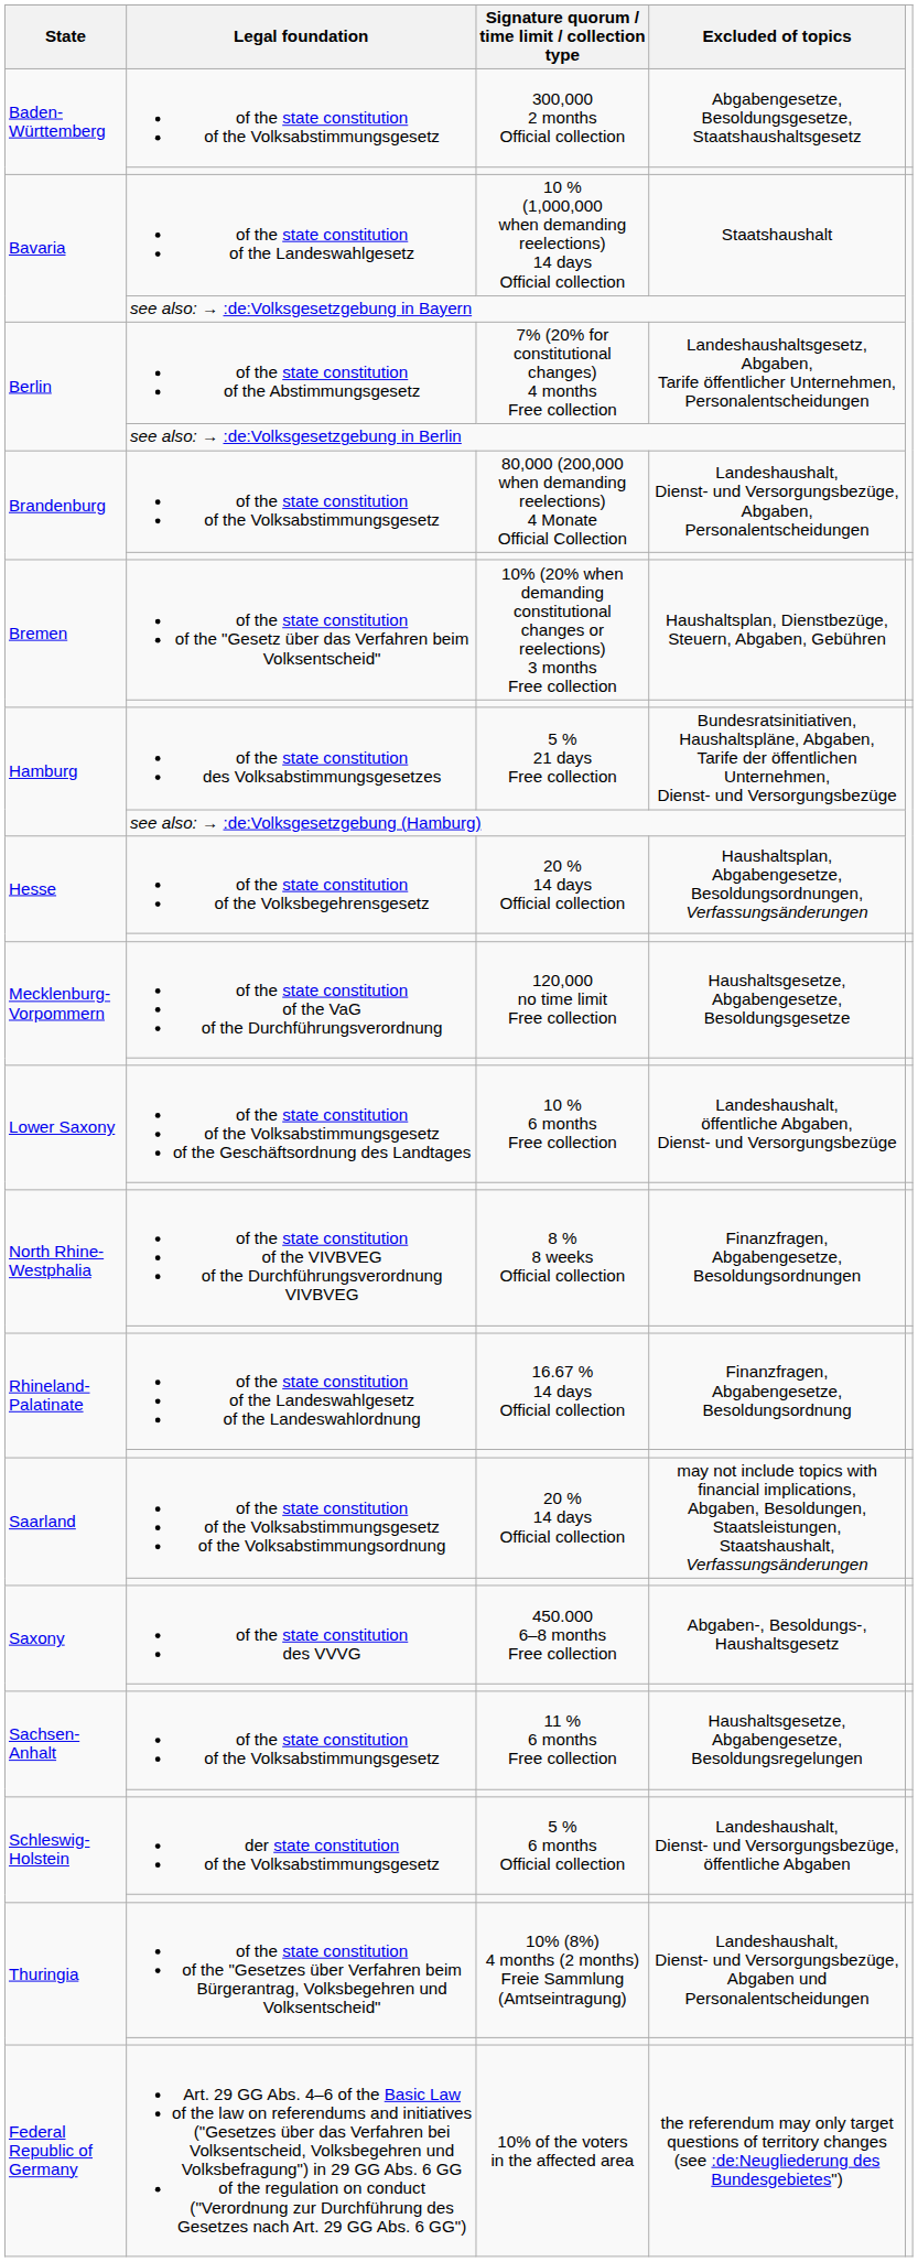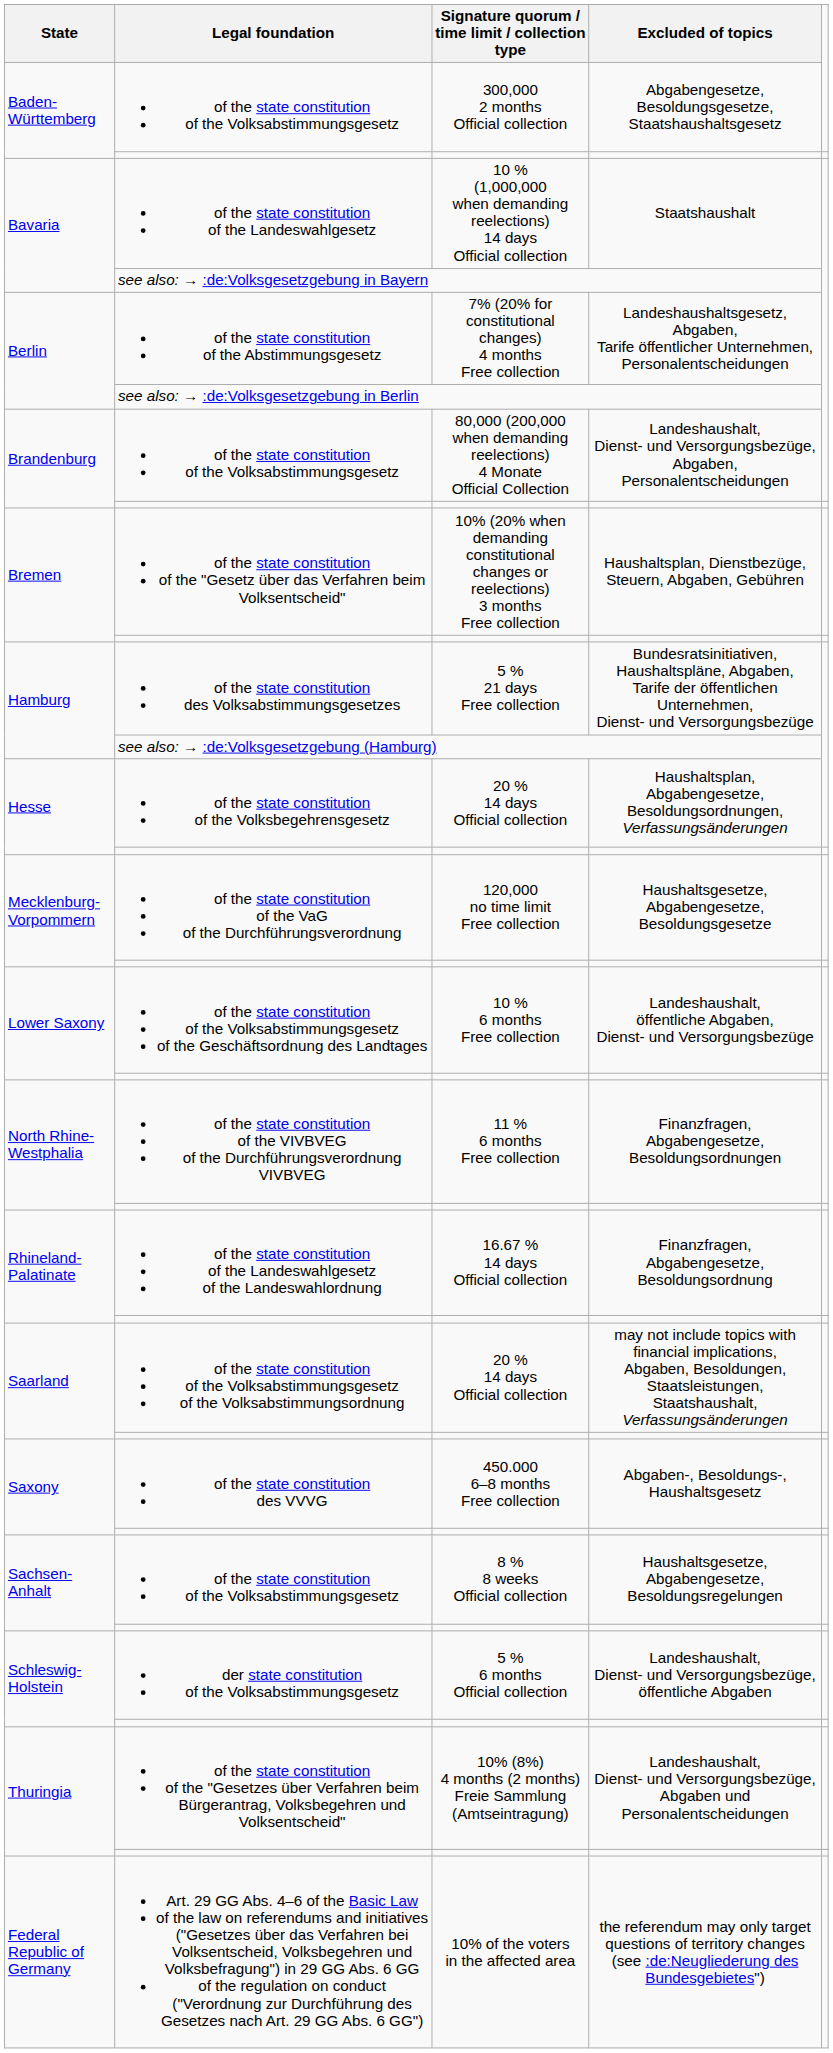 <table class="wikitable centered">
 <tr>
 </tr>
 <tr>
 <th>State</th>
 <th>Legal foundation</th>
 <th>Signature quorum /<br>time limit / collection type</th>
 <th>Excluded of topics</th>
 </tr>
 <tr>
 <td rowspan="2"><a href='#'>Baden-Württemberg</a></td>
 <td style="text-align:center"><br><ul><li> of the <a href='#'>state constitution</a></li><li> of the Volksabstimmungsgesetz</li></ul></td>
 <td style="text-align:center">300,000<br>2 months<br>Official collection</td>
 <td style="text-align:center">Abgabengesetze,<br>Besoldungsgesetze,<br>Staatshaushaltsgesetz</td>
 </tr>
 <tr>
 <td></td>
 <td></td>
 <td></td>
 <td></td>
 </tr>
 <tr>
 <td rowspan="2"><a href='#'>Bavaria</a></td>
 <td style="text-align:center"><br><ul><li> of the <a href='#'>state constitution</a></li><li> of the Landeswahlgesetz</li></ul></td>
 <td style="text-align:center">10 %<br>(1,000,000<br> when demanding reelections)<br>14 days<br>Official collection</td>
 <td style="text-align:center">Staatshaushalt</td>
 </tr>
 <tr>
 <td colspan="3"><em>see also:</em> → <a href='#'>:de:Volksgesetzgebung in Bayern</a></td>
 </tr>
 <tr>
 <td rowspan="2"><a href='#'>Berlin</a></td>
 <td style="text-align:center"><br><ul><li> of the <a href='#'>state constitution</a></li><li> of the Abstimmungsgesetz</li></ul></td>
 <td style="text-align:center">7% (20% for constitutional changes)<br>4 months<br>Free collection</td>
 <td style="text-align:center">Landeshaushaltsgesetz, Abgaben,<br>Tarife öffentlicher Unternehmen,<br>Personalentscheidungen</td>
 </tr>
 <tr>
 <td colspan="3"><em>see also:</em> → <a href='#'>:de:Volksgesetzgebung in Berlin</a></td>
 </tr>
 <tr>
 <td rowspan="2"><a href='#'>Brandenburg</a></td>
 <td style="text-align:center"><br><ul><li> of the <a href='#'>state constitution</a></li><li> of the Volksabstimmungsgesetz</li></ul></td>
 <td style="text-align:center">80,000 (200,000<br> when demanding reelections)<br>4 Monate<br>Official Collection</td>
 <td style="text-align:center">Landeshaushalt,<br>Dienst- und Versorgungsbezüge,<br>Abgaben, Personalentscheidungen</td>
 </tr>
 <tr>
 <td></td>
 <td></td>
 <td></td>
 <td></td>
 </tr>
 <tr>
 <td rowspan="2"><a href='#'>Bremen</a></td>
 <td style="text-align:center"><br><ul><li> of the <a href='#'>state constitution</a></li><li> of the "Gesetz über das Verfahren beim Volksentscheid"</li></ul></td>
 <td style="text-align:center">10% (20% when demanding constitutional changes or reelections)<br>3 months<br>Free collection</td>
 <td style="text-align:center">Haushaltsplan, Dienstbezüge,<br>Steuern, Abgaben, Gebühren</td>
 </tr>
 <tr>
 <td></td>
 <td></td>
 <td></td>
 <td></td>
 </tr>
 <tr>
 <td rowspan="2"><a href='#'>Hamburg</a></td>
 <td style="text-align:center"><br><ul><li> of the <a href='#'>state constitution</a></li><li> des Volksabstimmungsgesetzes</li></ul></td>
 <td style="text-align:center">5 %<br>21 days<br>Free collection</td>
 <td style="text-align:center">Bundesratsinitiativen,<br>Haushaltspläne, Abgaben,<br>Tarife der öffentlichen Unternehmen,<br>Dienst- und Versorgungsbezüge</td>
 </tr>
 <tr>
 <td colspan="3"><em>see also:</em> →  <a href='#'>:de:Volksgesetzgebung (Hamburg)</a></td>
 </tr>
 <tr>
 <td rowspan="2"><a href='#'>Hesse</a></td>
 <td style="text-align:center"><br><ul><li> of the <a href='#'>state constitution</a></li><li> of the Volksbegehrensgesetz</li></ul></td>
 <td style="text-align:center">20 %<br>14 days<br>Official collection</td>
 <td style="text-align:center">Haushaltsplan,<br>Abgabengesetze,<br>Besoldungsordnungen,<br><em>Verfassungsänderungen</em></td>
 </tr>
 <tr>
 <td></td>
 <td></td>
 <td></td>
 <td></td>
 </tr>
 <tr>
 <td rowspan="2"><a href='#'>Mecklenburg-Vorpommern</a></td>
 <td style="text-align:center"><br><ul><li> of the <a href='#'>state constitution</a></li><li> of the VaG</li><li> of the Durchführungsverordnung</li></ul></td>
 <td style="text-align:center">120,000<br>no time limit<br>Free collection</td>
 <td style="text-align:center">Haushaltsgesetze,<br>Abgabengesetze,<br>Besoldungsgesetze</td>
 </tr>
 <tr>
 <td></td>
 <td></td>
 <td></td>
 <td></td>
 </tr>
 <tr>
 <td rowspan="2"><a href='#'>Lower Saxony</a></td>
 <td style="text-align:center"><br><ul><li> of the <a href='#'>state constitution</a></li><li> of the Volksabstimmungsgesetz</li><li> of the Geschäftsordnung des Landtages</li></ul></td>
 <td style="text-align:center">10 %<br>6 months<br>Free collection</td>
 <td style="text-align:center">Landeshaushalt,<br>öffentliche Abgaben,<br>Dienst- und Versorgungsbezüge</td>
 </tr>
 <tr>
 <td></td>
 <td></td>
 <td></td>
 <td></td>
 </tr>
 <tr>
 <td rowspan="2"><a href='#'>North Rhine-Westphalia</a></td>
 <td style="text-align:center"><br><ul><li> of the <a href='#'>state constitution</a></li><li> of the VIVBVEG</li><li> of the Durchführungsverordnung VIVBVEG</li></ul></td>
-<td style="text-align:center">8 %<br>8 weeks<br>Official collection</td>
+<td style="text-align:center">11 %<br>6 months<br>Free collection</td>
 <td style="text-align:center">Finanzfragen,<br>Abgabengesetze,<br>Besoldungsordnungen</td>
 </tr>
 <tr>
 <td></td>
 <td></td>
 <td></td>
 <td></td>
 </tr>
 <tr>
 <td rowspan="2"><a href='#'>Rhineland-Palatinate</a></td>
 <td style="text-align:center"><br><ul><li> of the <a href='#'>state constitution</a></li><li> of the Landeswahlgesetz</li><li> of the Landeswahlordnung</li></ul></td>
 <td style="text-align:center">16.67 %<br>14 days<br>Official collection</td>
 <td style="text-align:center">Finanzfragen,<br>Abgabengesetze,<br>Besoldungsordnung</td>
 </tr>
 <tr>
 <td></td>
 <td></td>
 <td></td>
 <td></td>
 </tr>
 <tr>
 <td rowspan="2"><a href='#'>Saarland</a></td>
 <td style="text-align:center"><br><ul><li> of the <a href='#'>state constitution</a></li><li> of the Volksabstimmungsgesetz</li><li> of the Volksabstimmungsordnung</li></ul></td>
 <td style="text-align:center">20 %<br>14 days<br>Official collection</td>
 <td style="text-align:center">may not include topics with financial implications,<br>Abgaben, Besoldungen,<br>Staatsleistungen, Staatshaushalt,<br><em>Verfassungsänderungen</em></td>
 </tr>
 <tr>
 <td></td>
 <td></td>
 <td></td>
 <td></td>
 </tr>
 <tr>
 <td rowspan="2"><a href='#'>Saxony</a></td>
 <td style="text-align:center"><br><ul><li> of the <a href='#'>state constitution</a></li><li> des VVVG</li></ul></td>
 <td style="text-align:center">450.000<br>6–8 months<br>Free collection</td>
 <td style="text-align:center">Abgaben-, Besoldungs-,<br>Haushaltsgesetz</td>
 </tr>
 <tr>
 <td></td>
 <td></td>
 <td></td>
 <td></td>
 </tr>
 <tr>
 <td rowspan="2"><a href='#'>Sachsen-Anhalt</a></td>
 <td style="text-align:center"><br><ul><li> of the <a href='#'>state constitution</a></li><li> of the Volksabstimmungsgesetz</li></ul></td>
-<td style="text-align:center">11 %<br>6 months<br>Free collection</td>
+<td style="text-align:center">8 %<br>8 weeks<br>Official collection</td>
 <td style="text-align:center">Haushaltsgesetze,<br>Abgabengesetze,<br>Besoldungsregelungen</td>
 </tr>
 <tr>
 <td></td>
 <td></td>
 <td></td>
 <td></td>
 </tr>
 <tr>
 <td rowspan="2"><a href='#'>Schleswig-Holstein</a></td>
 <td style="text-align:center"><br><ul><li> der <a href='#'>state constitution</a></li><li> of the Volksabstimmungsgesetz</li></ul></td>
 <td style="text-align:center">5 %<br>6 months<br>Official collection</td>
 <td style="text-align:center">Landeshaushalt,<br>Dienst- und Versorgungsbezüge,<br>öffentliche Abgaben</td>
 </tr>
 <tr>
 <td></td>
 <td></td>
 <td></td>
 <td></td>
 </tr>
 <tr>
 <td rowspan="2"><a href='#'>Thuringia</a></td>
 <td style="text-align:center"><br><ul><li> of the <a href='#'>state constitution</a></li><li> of the "Gesetzes über Verfahren beim Bürgerantrag, Volksbegehren und Volksentscheid"</li></ul></td>
 <td style="text-align:center">10% (8%)<br>4 months (2 months)<br>Freie Sammlung (Amtseintragung)</td>
 <td style="text-align:center">Landeshaushalt,<br>Dienst- und Versorgungsbezüge,<br>Abgaben und Personalentscheidungen</td>
 </tr>
 <tr>
 <td></td>
 <td></td>
 <td></td>
 <td></td>
 </tr>
 <tr>
 <td><a href='#'>Federal Republic of Germany</a></td>
 <td style="text-align:center"><br><ul><li>Art. 29 GG Abs. 4–6 of the <a href='#'>Basic Law</a></li><li> of the law on referendums and initiatives ("Gesetzes über das Verfahren bei Volksentscheid, Volksbegehren und Volksbefragung") in 29 GG Abs. 6 GG</li><li> of the regulation on conduct ("Verordnung zur Durchführung des Gesetzes nach Art. 29 GG Abs. 6 GG")</li></ul></td>
 <td style="text-align:center">10% of the voters <br> in the affected area</td>
 <td style="text-align:center">the referendum may only target questions of territory changes (see <a href='#'>:de:Neugliederung des Bundesgebietes</a>")</td>
 </tr>
 </table>
